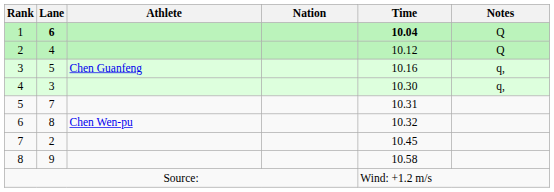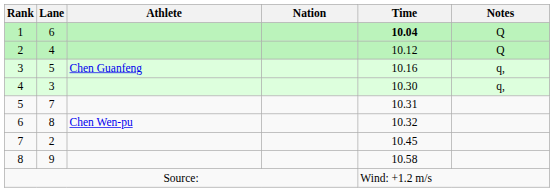 <table class="wikitable sortable" style="text-align:center;width: 60%;">
 <tr>
 <th scope="col" style="width: 10px;">Rank</th>
 <th scope="col" style="width: 10px;">Lane</th>
 <th scope="col">Athlete</th>
 <th scope="col">Nation</th>
 <th scope="col">Time</th>
 <th scope="col">Notes</th>
 </tr>
 <tr bgcolor=bbf3bb>
 <td>1</td>
-<td><strong>6</strong></td>
+<td>6</td>
 <td align=left></td>
 <td align=left></td>
 <td><strong>10.04</strong></td>
 <td>Q</td>
 </tr>
 <tr bgcolor=bbf3bb>
 <td>2</td>
 <td>4</td>
 <td align=left></td>
 <td align=left></td>
 <td>10.12</td>
 <td>Q</td>
 </tr>
 <tr bgcolor=ddffdd>
 <td>3</td>
 <td>5</td>
 <td align=left><a href='#'>Chen Guanfeng</a></td>
 <td align=left></td>
 <td>10.16</td>
 <td>q, </td>
 </tr>
 <tr bgcolor=ddffdd>
 <td>4</td>
 <td>3</td>
 <td align=left></td>
 <td align=left></td>
 <td>10.30</td>
 <td>q, </td>
 </tr>
 <tr>
 <td>5</td>
 <td>7</td>
 <td align=left></td>
 <td align=left></td>
 <td>10.31</td>
 <td></td>
 </tr>
 <tr>
 <td>6</td>
 <td>8</td>
 <td align=left><a href='#'>Chen Wen-pu</a></td>
 <td align=left></td>
 <td>10.32</td>
 <td></td>
 </tr>
 <tr>
 <td>7</td>
 <td>2</td>
 <td align=left></td>
 <td align=left></td>
 <td>10.45</td>
 <td></td>
 </tr>
 <tr>
 <td>8</td>
 <td>9</td>
 <td align=left></td>
 <td align=left></td>
 <td>10.58</td>
 <td></td>
 </tr>
 <tr class="sortbottom">
 <td colspan="4">Source:</td>
 <td colspan="2" style="text-align:left;">Wind: +1.2 m/s</td>
 </tr>
 </table>
